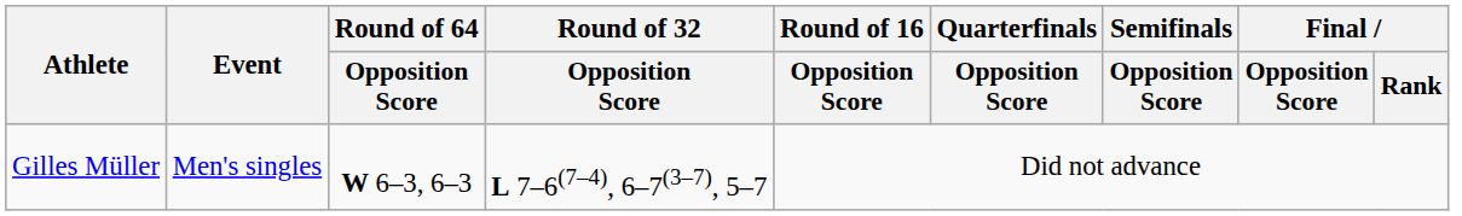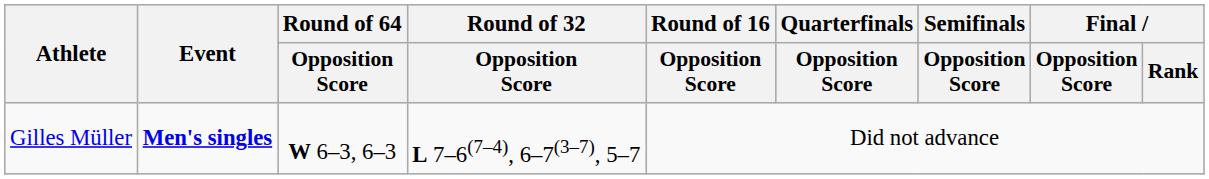 <table class=wikitable style="font-size:90%">
 <tr>
 <th rowspan="2">Athlete</th>
 <th rowspan="2">Event</th>
 <th>Round of 64</th>
 <th>Round of 32</th>
 <th>Round of 16</th>
 <th>Quarterfinals</th>
 <th>Semifinals</th>
 <th colspan=2>Final / </th>
 </tr>
 <tr style="font-size:95%">
 <th>Opposition<br>Score</th>
 <th>Opposition<br>Score</th>
 <th>Opposition<br>Score</th>
 <th>Opposition<br>Score</th>
 <th>Opposition<br>Score</th>
 <th>Opposition<br>Score</th>
 <th>Rank</th>
 </tr>
 <tr align=center>
 <td align=left><a href='#'>Gilles Müller</a></td>
-<td align=left><a href='#'>Men's singles</a></td>
+<td align=left><strong><a href='#'>Men's singles</a></strong></td>
 <td><br><strong>W</strong> 6–3, 6–3</td>
 <td><br><strong>L</strong> 7–6<sup>(7–4)</sup>, 6–7<sup>(3–7)</sup>, 5–7</td>
 <td colspan=5>Did not advance</td>
 </tr>
 </table>
